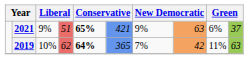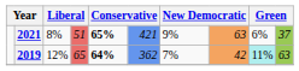 <table class="wikitable" style="float:right; width:400; font-size:90%; margin-left:1em;">
 <tr>
 <th colspan="2" scope="col">Year</th>
 <th colspan="2" scope="col"><a href='#'>Liberal</a></th>
 <th colspan="2" scope="col"><a href='#'>Conservative</a></th>
 <th colspan="2" scope="col"><a href='#'>New Democratic</a></th>
 <th colspan="2" scope="col"><a href='#'>Green</a></th>
 </tr>
 <tr>
 <td rowspan="2" style="width: 0.25em; background-color: "></td>
 <th><a href='#'>2021</a></th>
-<td>9%</td>
+<td>8%</td>
 <td style="text-align:right; background:#EA6D6A;"><em>51</em></td>
 <td><strong>65%</strong></td>
 <td style="text-align:right; background:#6495ED;"><em>421</em></td>
 <td>9%</td>
 <td style="text-align:right; background:#F4A460;"><em>63</em></td>
 <td>6%</td>
 <td style="text-align:right; background:#99C955;"><em>37</em></td>
 </tr>
 <tr>
 <th><a href='#'>2019</a></th>
-<td>10%</td>
-<td style="text-align:right; background:#EA6D6A;"><em>62</em></td>
+<td>12%</td>
+<td style="text-align:right; background:#EA6D6A;"><em>65</em></td>
 <td><strong>64%</strong></td>
-<td style="text-align:right; background:#6495ED;"><em>365</em></td>
+<td style="text-align:right; background:#6495ED;"><em>362</em></td>
 <td>7%</td>
 <td style="text-align:right; background:#F4A460;"><em>42</em></td>
-<td>11%</td>
+<td style="background: paleturquoise;">11%</td>
 <td style="text-align:right; background:#99C955;"><em>63</em></td>
 </tr>
 <tr>
 </tr>
 </table>
